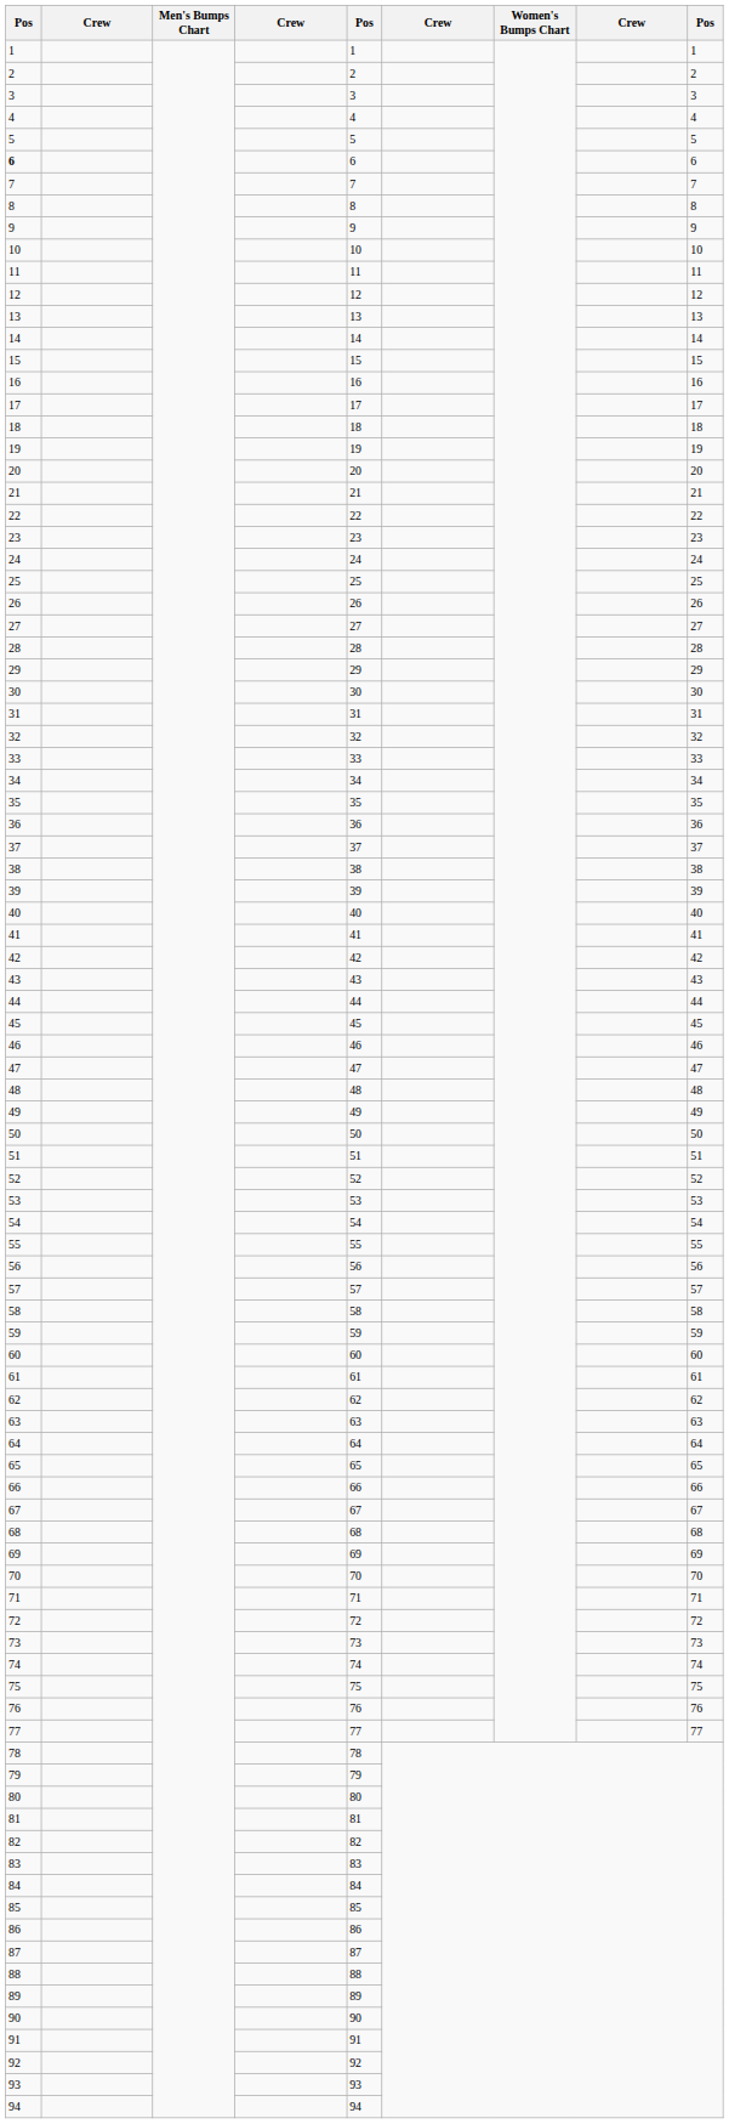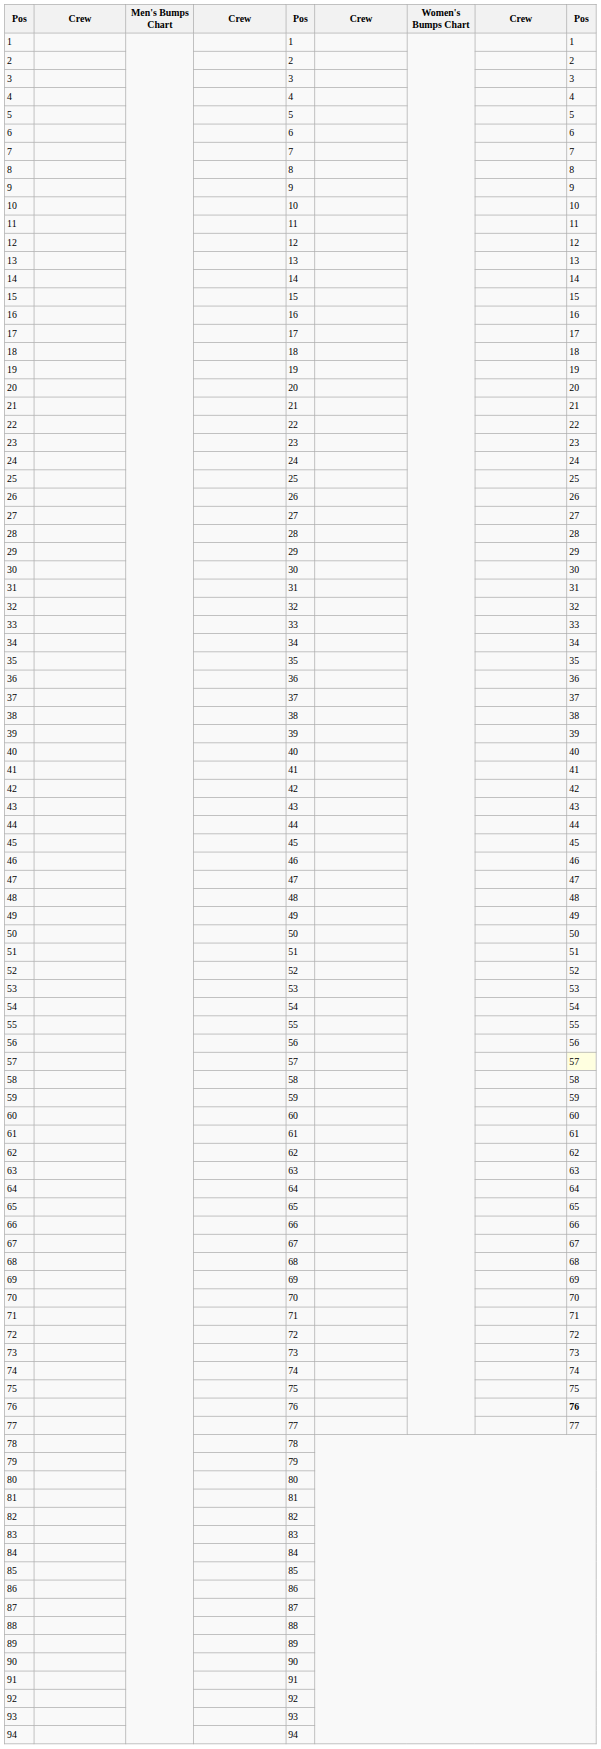 <table class="wikitable" style="font-size:88%; white-space:nowrap; margin:0.5em auto">
 <tr style="white-space:normal">
 <th width=35>Pos</th>
 <th width=125>Crew</th>
 <th width=90>Men's Bumps Chart</th>
 <th width=125>Crew</th>
 <th width=35>Pos</th>
 <th width=125>Crew</th>
 <th width=90>Women's Bumps Chart</th>
 <th width=125>Crew</th>
 <th width=35>Pos</th>
 </tr>
 <tr style="height:26px">
 <td>1</td>
 <td></td>
 <td rowspan="94"  style="padding:0"></td>
 <td></td>
 <td>1</td>
 <td></td>
 <td rowspan="77"  style="padding:0"></td>
 <td></td>
 <td>1</td>
 </tr>
 <tr style="height:26px">
 <td>2</td>
 <td></td>
 <td></td>
 <td>2</td>
 <td></td>
 <td></td>
 <td>2</td>
 </tr>
 <tr style="height:26px">
 <td>3</td>
 <td></td>
 <td></td>
 <td>3</td>
 <td></td>
 <td></td>
 <td>3</td>
 </tr>
 <tr style="height:26px">
 <td>4</td>
 <td></td>
 <td></td>
 <td>4</td>
 <td></td>
 <td></td>
 <td>4</td>
 </tr>
 <tr style="height:26px">
 <td>5</td>
 <td></td>
 <td></td>
 <td>5</td>
 <td></td>
 <td></td>
 <td>5</td>
 </tr>
 <tr style="height:26px">
-<td><strong>6</strong></td>
+<td>6</td>
 <td></td>
 <td></td>
 <td>6</td>
 <td></td>
 <td></td>
 <td>6</td>
 </tr>
 <tr style="height:26px">
 <td>7</td>
 <td></td>
 <td></td>
 <td>7</td>
 <td></td>
 <td></td>
 <td>7</td>
 </tr>
 <tr style="height:26px">
 <td>8</td>
 <td></td>
 <td></td>
 <td>8</td>
 <td></td>
 <td></td>
 <td>8</td>
 </tr>
 <tr style="height:26px">
 <td>9</td>
 <td></td>
 <td></td>
 <td>9</td>
 <td></td>
 <td></td>
 <td>9</td>
 </tr>
 <tr style="height:26px">
 <td>10</td>
 <td></td>
 <td></td>
 <td>10</td>
 <td></td>
 <td></td>
 <td>10</td>
 </tr>
 <tr style="height:26px">
 <td>11</td>
 <td></td>
 <td></td>
 <td>11</td>
 <td></td>
 <td></td>
 <td>11</td>
 </tr>
 <tr style="height:26px">
 <td>12</td>
 <td></td>
 <td></td>
 <td>12</td>
 <td></td>
 <td></td>
 <td>12</td>
 </tr>
 <tr style="height:26px">
 <td>13</td>
 <td></td>
 <td></td>
 <td>13</td>
 <td></td>
 <td></td>
 <td>13</td>
 </tr>
 <tr style="height:26px">
 <td>14</td>
 <td></td>
 <td></td>
 <td>14</td>
 <td></td>
 <td></td>
 <td>14</td>
 </tr>
 <tr style="height:26px">
 <td>15</td>
 <td></td>
 <td></td>
 <td>15</td>
 <td></td>
 <td></td>
 <td>15</td>
 </tr>
 <tr style="height:26px">
 <td>16</td>
 <td></td>
 <td></td>
 <td>16</td>
 <td></td>
 <td></td>
 <td>16</td>
 </tr>
 <tr style="height:26px">
 <td>17</td>
 <td></td>
 <td></td>
 <td>17</td>
 <td></td>
 <td></td>
 <td>17</td>
 </tr>
 <tr style="height:26px">
 <td>18</td>
 <td></td>
 <td></td>
 <td>18</td>
 <td></td>
 <td></td>
 <td>18</td>
 </tr>
 <tr style="height:26px">
 <td>19</td>
 <td></td>
 <td></td>
 <td>19</td>
 <td></td>
 <td></td>
 <td>19</td>
 </tr>
 <tr style="height:26px">
 <td>20</td>
 <td></td>
 <td></td>
 <td>20</td>
 <td></td>
 <td></td>
 <td>20</td>
 </tr>
 <tr style="height:26px">
 <td>21</td>
 <td></td>
 <td></td>
 <td>21</td>
 <td></td>
 <td></td>
 <td>21</td>
 </tr>
 <tr style="height:26px">
 <td>22</td>
 <td></td>
 <td></td>
 <td>22</td>
 <td></td>
 <td></td>
 <td>22</td>
 </tr>
 <tr style="height:26px">
 <td>23</td>
 <td></td>
 <td></td>
 <td>23</td>
 <td></td>
 <td></td>
 <td>23</td>
 </tr>
 <tr style="height:26px">
 <td>24</td>
 <td></td>
 <td></td>
 <td>24</td>
 <td></td>
 <td></td>
 <td>24</td>
 </tr>
 <tr style="height:26px">
 <td>25</td>
 <td></td>
 <td></td>
 <td>25</td>
 <td></td>
 <td></td>
 <td>25</td>
 </tr>
 <tr style="height:26px">
 <td>26</td>
 <td></td>
 <td></td>
 <td>26</td>
 <td></td>
 <td></td>
 <td>26</td>
 </tr>
 <tr style="height:26px">
 <td>27</td>
 <td></td>
 <td></td>
 <td>27</td>
 <td></td>
 <td></td>
 <td>27</td>
 </tr>
 <tr style="height:26px">
 <td>28</td>
 <td></td>
 <td></td>
 <td>28</td>
 <td></td>
 <td></td>
 <td>28</td>
 </tr>
 <tr style="height:26px">
 <td>29</td>
 <td></td>
 <td></td>
 <td>29</td>
 <td></td>
 <td></td>
 <td>29</td>
 </tr>
 <tr style="height:26px">
 <td>30</td>
 <td></td>
 <td></td>
 <td>30</td>
 <td></td>
 <td></td>
 <td>30</td>
 </tr>
 <tr style="height:26px">
 <td>31</td>
 <td></td>
 <td></td>
 <td>31</td>
 <td></td>
 <td></td>
 <td>31</td>
 </tr>
 <tr style="height:26px">
 <td>32</td>
 <td></td>
 <td></td>
 <td>32</td>
 <td></td>
 <td></td>
 <td>32</td>
 </tr>
 <tr style="height:26px">
 <td>33</td>
 <td></td>
 <td></td>
 <td>33</td>
 <td></td>
 <td></td>
 <td>33</td>
 </tr>
 <tr style="height:26px">
 <td>34</td>
 <td></td>
 <td></td>
 <td>34</td>
 <td></td>
 <td></td>
 <td>34</td>
 </tr>
 <tr style="height:26px">
 <td>35</td>
 <td></td>
 <td></td>
 <td>35</td>
 <td></td>
 <td></td>
 <td>35</td>
 </tr>
 <tr style="height:26px">
 <td>36</td>
 <td></td>
 <td></td>
 <td>36</td>
 <td></td>
 <td></td>
 <td>36</td>
 </tr>
 <tr style="height:26px">
 <td>37</td>
 <td></td>
 <td></td>
 <td>37</td>
 <td></td>
 <td></td>
 <td>37</td>
 </tr>
 <tr style="height:26px">
 <td>38</td>
 <td></td>
 <td></td>
 <td>38</td>
 <td></td>
 <td></td>
 <td>38</td>
 </tr>
 <tr style="height:26px">
 <td>39</td>
 <td></td>
 <td></td>
 <td>39</td>
 <td></td>
 <td></td>
 <td>39</td>
 </tr>
 <tr style="height:26px">
 <td>40</td>
 <td></td>
 <td></td>
 <td>40</td>
 <td></td>
 <td></td>
 <td>40</td>
 </tr>
 <tr style="height:26px">
 <td>41</td>
 <td></td>
 <td></td>
 <td>41</td>
 <td></td>
 <td></td>
 <td>41</td>
 </tr>
 <tr style="height:26px">
 <td>42</td>
 <td></td>
 <td></td>
 <td>42</td>
 <td></td>
 <td></td>
 <td>42</td>
 </tr>
 <tr style="height:26px">
 <td>43</td>
 <td></td>
 <td></td>
 <td>43</td>
 <td></td>
 <td></td>
 <td>43</td>
 </tr>
 <tr style="height:26px">
 <td>44</td>
 <td></td>
 <td></td>
 <td>44</td>
 <td></td>
 <td></td>
 <td>44</td>
 </tr>
 <tr style="height:26px">
 <td>45</td>
 <td></td>
 <td></td>
 <td>45</td>
 <td></td>
 <td></td>
 <td>45</td>
 </tr>
 <tr style="height:26px">
 <td>46</td>
 <td></td>
 <td></td>
 <td>46</td>
 <td></td>
 <td></td>
 <td>46</td>
 </tr>
 <tr style="height:26px">
 <td>47</td>
 <td></td>
 <td></td>
 <td>47</td>
 <td></td>
 <td></td>
 <td>47</td>
 </tr>
 <tr style="height:26px">
 <td>48</td>
 <td></td>
 <td></td>
 <td>48</td>
 <td></td>
 <td></td>
 <td>48</td>
 </tr>
 <tr style="height:26px">
 <td>49</td>
 <td></td>
 <td></td>
 <td>49</td>
 <td></td>
 <td></td>
 <td>49</td>
 </tr>
 <tr style="height:26px">
 <td>50</td>
 <td></td>
 <td></td>
 <td>50</td>
 <td></td>
 <td></td>
 <td>50</td>
 </tr>
 <tr style="height:26px">
 <td>51</td>
 <td></td>
 <td></td>
 <td>51</td>
 <td></td>
 <td></td>
 <td>51</td>
 </tr>
 <tr style="height:26px">
 <td>52</td>
 <td></td>
 <td></td>
 <td>52</td>
 <td></td>
 <td></td>
 <td>52</td>
 </tr>
 <tr style="height:26px">
 <td>53</td>
 <td></td>
 <td></td>
 <td>53</td>
 <td></td>
 <td></td>
 <td>53</td>
 </tr>
 <tr style="height:26px">
 <td>54</td>
 <td></td>
 <td></td>
 <td>54</td>
 <td></td>
 <td></td>
 <td>54</td>
 </tr>
 <tr style="height:26px">
 <td>55</td>
 <td></td>
 <td></td>
 <td>55</td>
 <td></td>
 <td></td>
 <td>55</td>
 </tr>
 <tr style="height:26px">
 <td>56</td>
 <td></td>
 <td></td>
 <td>56</td>
 <td></td>
 <td></td>
 <td>56</td>
 </tr>
 <tr style="height:26px">
 <td>57</td>
 <td></td>
 <td></td>
 <td>57</td>
 <td></td>
 <td></td>
-<td>57</td>
+<td style="background: lightyellow;">57</td>
 </tr>
 <tr style="height:26px">
 <td>58</td>
 <td></td>
 <td></td>
 <td>58</td>
 <td></td>
 <td></td>
 <td>58</td>
 </tr>
 <tr style="height:26px">
 <td>59</td>
 <td></td>
 <td></td>
 <td>59</td>
 <td></td>
 <td></td>
 <td>59</td>
 </tr>
 <tr style="height:26px">
 <td>60</td>
 <td></td>
 <td></td>
 <td>60</td>
 <td></td>
 <td></td>
 <td>60</td>
 </tr>
 <tr style="height:26px">
 <td>61</td>
 <td></td>
 <td></td>
 <td>61</td>
 <td></td>
 <td></td>
 <td>61</td>
 </tr>
 <tr style="height:26px">
 <td>62</td>
 <td></td>
 <td></td>
 <td>62</td>
 <td></td>
 <td></td>
 <td>62</td>
 </tr>
 <tr style="height:26px">
 <td>63</td>
 <td></td>
 <td></td>
 <td>63</td>
 <td></td>
 <td></td>
 <td>63</td>
 </tr>
 <tr style="height:26px">
 <td>64</td>
 <td></td>
 <td></td>
 <td>64</td>
 <td></td>
 <td></td>
 <td>64</td>
 </tr>
 <tr style="height:26px">
 <td>65</td>
 <td></td>
 <td></td>
 <td>65</td>
 <td></td>
 <td></td>
 <td>65</td>
 </tr>
 <tr style="height:26px">
 <td>66</td>
 <td></td>
 <td></td>
 <td>66</td>
 <td></td>
 <td></td>
 <td>66</td>
 </tr>
 <tr style="height:26px">
 <td>67</td>
 <td></td>
 <td></td>
 <td>67</td>
 <td></td>
 <td></td>
 <td>67</td>
 </tr>
 <tr style="height:26px">
 <td>68</td>
 <td></td>
 <td></td>
 <td>68</td>
 <td></td>
 <td></td>
 <td>68</td>
 </tr>
 <tr style="height:26px">
 <td>69</td>
 <td></td>
 <td></td>
 <td>69</td>
 <td></td>
 <td></td>
 <td>69</td>
 </tr>
 <tr style="height:26px">
 <td>70</td>
 <td></td>
 <td></td>
 <td>70</td>
 <td></td>
 <td></td>
 <td>70</td>
 </tr>
 <tr style="height:26px">
 <td>71</td>
 <td></td>
 <td></td>
 <td>71</td>
 <td></td>
 <td></td>
 <td>71</td>
 </tr>
 <tr style="height:26px">
 <td>72</td>
 <td></td>
 <td></td>
 <td>72</td>
 <td></td>
 <td></td>
 <td>72</td>
 </tr>
 <tr style="height:26px">
 <td>73</td>
 <td></td>
 <td></td>
 <td>73</td>
 <td></td>
 <td></td>
 <td>73</td>
 </tr>
 <tr style="height:26px">
 <td>74</td>
 <td></td>
 <td></td>
 <td>74</td>
 <td></td>
 <td></td>
 <td>74</td>
 </tr>
 <tr style="height:26px">
 <td>75</td>
 <td></td>
 <td></td>
 <td>75</td>
 <td></td>
 <td></td>
 <td>75</td>
 </tr>
 <tr style="height:26px">
 <td>76</td>
 <td></td>
 <td></td>
 <td>76</td>
 <td></td>
 <td></td>
-<td>76</td>
+<td><strong>76</strong></td>
 </tr>
 <tr style="height:26px">
 <td>77</td>
 <td></td>
 <td></td>
 <td>77</td>
 <td></td>
 <td></td>
 <td>77</td>
 </tr>
 <tr style="height:26px">
 <td>78</td>
 <td></td>
 <td></td>
 <td>78</td>
 <td colspan="4" rowspan="17"> </td>
 </tr>
 <tr style="height:26px">
 <td>79</td>
 <td></td>
 <td></td>
 <td>79</td>
 </tr>
 <tr style="height:26px">
 <td>80</td>
 <td></td>
 <td></td>
 <td>80</td>
 </tr>
 <tr style="height:26px">
 <td>81</td>
 <td></td>
 <td></td>
 <td>81</td>
 </tr>
 <tr style="height:26px">
 <td>82</td>
 <td></td>
 <td></td>
 <td>82</td>
 </tr>
 <tr style="height:26px">
 <td>83</td>
 <td></td>
 <td></td>
 <td>83</td>
 </tr>
 <tr style="height:26px">
 <td>84</td>
 <td></td>
 <td></td>
 <td>84</td>
 </tr>
 <tr style="height:26px">
 <td>85</td>
 <td></td>
 <td></td>
 <td>85</td>
 </tr>
 <tr style="height:26px">
 <td>86</td>
 <td></td>
 <td></td>
 <td>86</td>
 </tr>
 <tr style="height:26px">
 <td>87</td>
 <td></td>
 <td></td>
 <td>87</td>
 </tr>
 <tr style="height:26px">
 <td>88</td>
 <td></td>
 <td></td>
 <td>88</td>
 </tr>
 <tr style="height:26px">
 <td>89</td>
 <td></td>
 <td></td>
 <td>89</td>
 </tr>
 <tr style="height:26px">
 <td>90</td>
 <td></td>
 <td></td>
 <td>90</td>
 </tr>
 <tr style="height:26px">
 <td>91</td>
 <td></td>
 <td></td>
 <td>91</td>
 </tr>
 <tr style="height:26px">
 <td>92</td>
 <td></td>
 <td></td>
 <td>92</td>
 </tr>
 <tr style="height:26px">
 <td>93</td>
 <td></td>
 <td></td>
 <td>93</td>
 </tr>
 <tr style="height:26px">
 <td>94</td>
 <td></td>
 <td></td>
 <td>94</td>
 </tr>
 </table>
